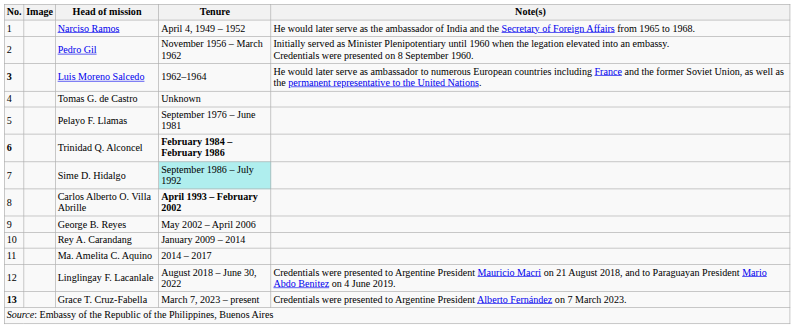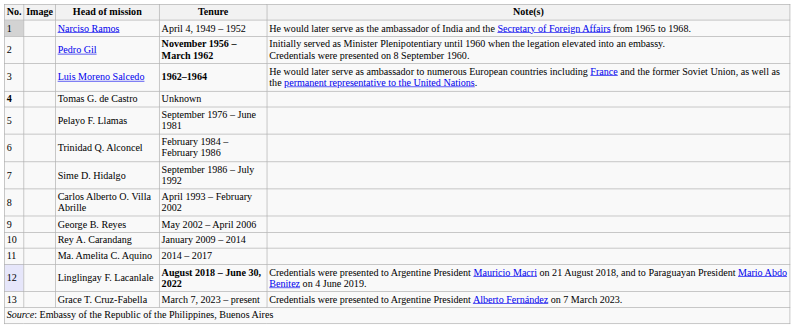 <table class=wikitable>
 <tr>
 <th>No.</th>
 <th>Image</th>
 <th>Head of mission</th>
 <th>Tenure</th>
 <th>Note(s)</th>
 </tr>
 <tr>
-<td>1</td>
+<td style="background: lightgrey;">1</td>
 <td></td>
 <td><a href='#'>Narciso Ramos</a></td>
 <td>April 4, 1949 – 1952</td>
 <td>He would later serve as the ambassador of India and the <a href='#'>Secretary of Foreign Affairs</a> from 1965 to 1968.</td>
 </tr>
 <tr>
 <td>2</td>
 <td></td>
 <td><a href='#'>Pedro Gil</a></td>
-<td>November 1956 – March 1962</td>
+<td><strong>November 1956 – March 1962</strong></td>
 <td>Initially served as Minister Plenipotentiary until 1960 when the legation elevated into an embassy.<br>Credentials were presented on 8 September 1960.</td>
 </tr>
 <tr>
-<td><strong>3</strong></td>
+<td>3</td>
 <td></td>
 <td><a href='#'>Luis Moreno Salcedo</a></td>
-<td>1962–1964</td>
+<td><strong>1962–1964</strong></td>
 <td>He would later serve as ambassador to numerous European countries including <a href='#'>France</a> and the former Soviet Union, as well as the <a href='#'>permanent representative to the United Nations</a>.</td>
 </tr>
 <tr>
-<td>4</td>
+<td><strong>4</strong></td>
 <td></td>
 <td>Tomas G. de Castro</td>
 <td>Unknown</td>
 <td></td>
 </tr>
 <tr>
 <td>5</td>
 <td></td>
 <td>Pelayo F. Llamas</td>
 <td>September 1976 – June 1981</td>
 <td></td>
 </tr>
 <tr>
-<td><strong>6</strong></td>
+<td>6</td>
 <td></td>
 <td>Trinidad Q. Alconcel</td>
-<td><strong>February 1984 – February 1986</strong></td>
+<td>February 1984 – February 1986</td>
 <td></td>
 </tr>
 <tr>
 <td>7</td>
 <td></td>
 <td>Sime D. Hidalgo</td>
-<td style="background: paleturquoise;">September 1986 – July 1992</td>
+<td>September 1986 – July 1992</td>
 <td></td>
 </tr>
 <tr>
 <td>8</td>
 <td></td>
 <td>Carlos Alberto O. Villa Abrille</td>
-<td><strong>April 1993 – February 2002</strong></td>
+<td>April 1993 – February 2002</td>
 <td></td>
 </tr>
 <tr>
 <td>9</td>
 <td></td>
 <td>George B. Reyes</td>
 <td>May 2002 – April 2006</td>
 <td></td>
 </tr>
 <tr>
 <td>10</td>
 <td></td>
 <td>Rey A. Carandang</td>
 <td>January 2009 – 2014</td>
 <td></td>
 </tr>
 <tr>
 <td>11</td>
 <td></td>
 <td>Ma. Amelita C. Aquino</td>
 <td>2014 – 2017</td>
 <td></td>
 </tr>
 <tr>
-<td>12</td>
+<td style="background: lavender;">12</td>
 <td></td>
 <td>Linglingay F. Lacanlale</td>
-<td>August 2018 – June 30, 2022</td>
+<td><strong>August 2018 – June 30, 2022</strong></td>
 <td>Credentials were presented to Argentine President <a href='#'>Mauricio Macri</a> on 21 August 2018, and to Paraguayan President <a href='#'>Mario Abdo Benitez</a> on 4 June 2019.</td>
 </tr>
 <tr>
-<td><strong>13</strong></td>
+<td>13</td>
 <td></td>
 <td>Grace T. Cruz-Fabella</td>
 <td>March 7, 2023 – present</td>
 <td>Credentials were presented to Argentine President <a href='#'>Alberto Fernández</a> on 7 March 2023.</td>
 </tr>
 <tr>
 <td colspan=7><em>Source</em>: Embassy of the Republic of the Philippines, Buenos Aires</td>
 </tr>
 </table>
